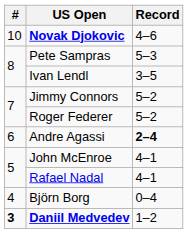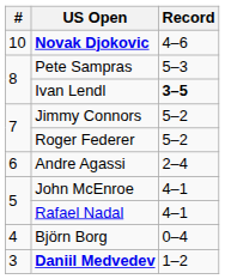 <table class="wikitable" style="display:inline-table;">
 <tr>
 <th width=20>#</th>
 <th>US Open</th>
 <th>Record</th>
 </tr>
 <tr>
 <td>10</td>
 <td> <strong><a href='#'>Novak Djokovic</a></strong></td>
 <td>4–6</td>
 </tr>
 <tr>
 <td rowspan="2">8</td>
 <td> Pete Sampras</td>
 <td>5–3</td>
 </tr>
 <tr>
 <td> Ivan Lendl</td>
-<td>3–5</td>
+<td><strong>3–5</strong></td>
 </tr>
 <tr>
 <td rowspan="2">7</td>
 <td> Jimmy Connors</td>
 <td>5–2</td>
 </tr>
 <tr>
 <td> Roger Federer</td>
 <td>5–2</td>
 </tr>
 <tr>
 <td>6</td>
 <td> Andre Agassi</td>
-<td><strong>2–4</strong></td>
+<td>2–4</td>
 </tr>
 <tr>
 <td rowspan="2">5</td>
 <td> John McEnroe</td>
 <td>4–1</td>
 </tr>
 <tr>
 <td> <a href='#'>Rafael Nadal</a></td>
 <td>4–1</td>
 </tr>
 <tr>
 <td>4</td>
 <td> Björn Borg</td>
 <td>0–4</td>
 </tr>
 <tr>
-<td><strong>3</strong></td>
+<td>3</td>
 <td> <strong><a href='#'>Daniil Medvedev</a></strong></td>
 <td>1–2</td>
 </tr>
 </table>
